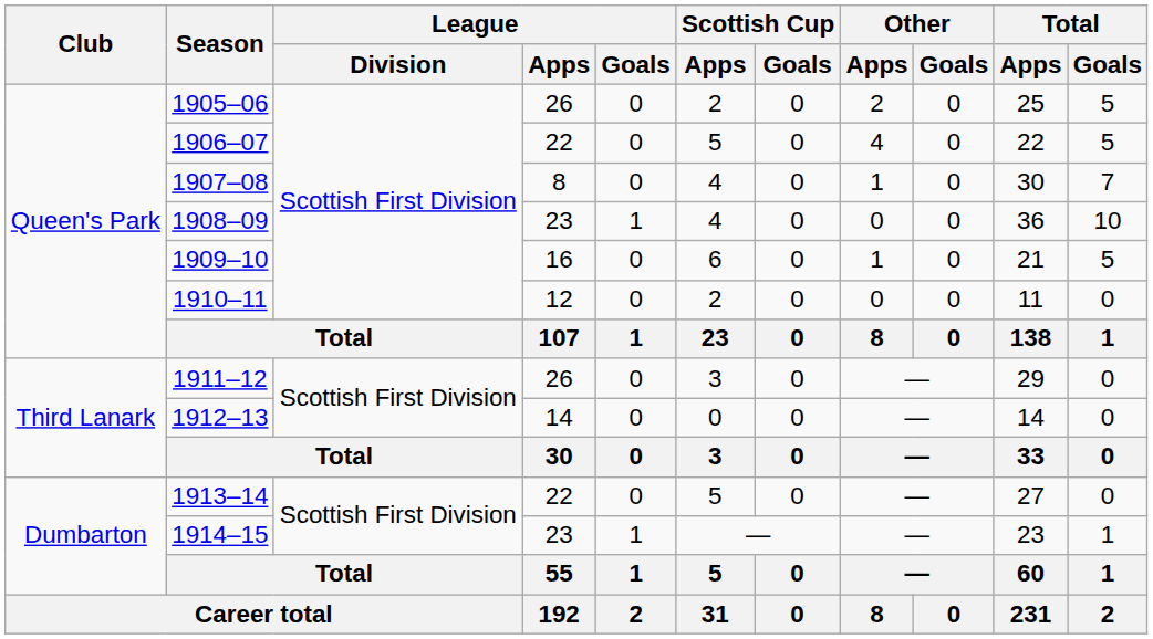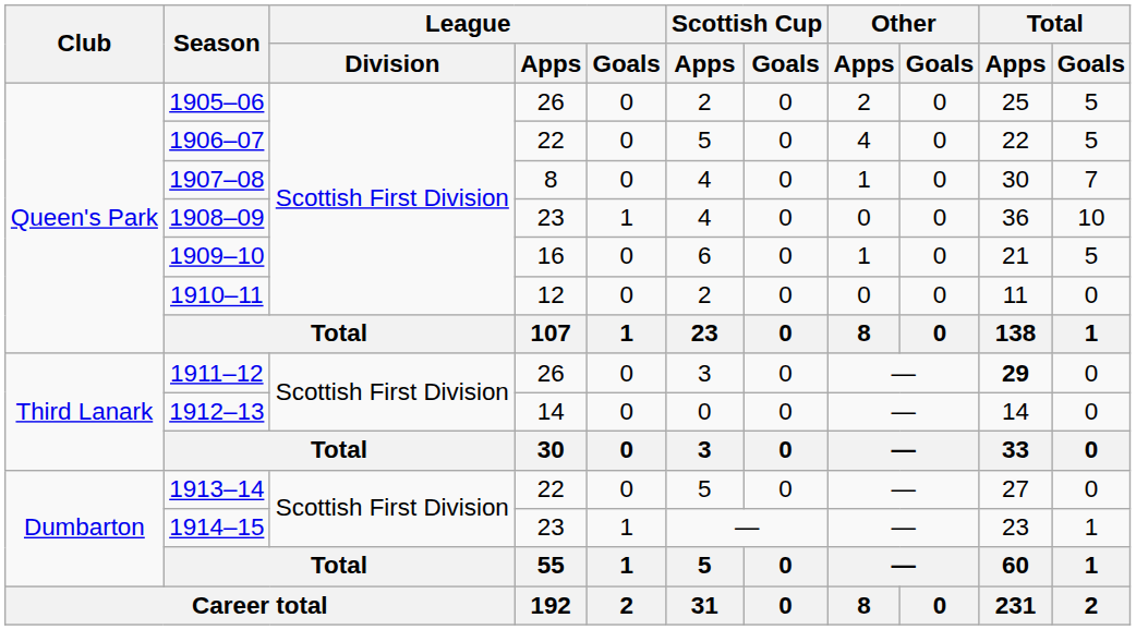 <table class="wikitable" style="text-align: center">
 <tr>
 <th rowspan="2">Club</th>
 <th rowspan="2">Season</th>
 <th colspan="3">League</th>
 <th colspan="2">Scottish Cup</th>
 <th colspan="2">Other</th>
 <th colspan="2">Total</th>
 </tr>
 <tr>
 <th>Division</th>
 <th>Apps</th>
 <th>Goals</th>
 <th>Apps</th>
 <th>Goals</th>
 <th>Apps</th>
 <th>Goals</th>
 <th>Apps</th>
 <th>Goals</th>
 </tr>
 <tr>
 <td rowspan="7"><a href='#'>Queen's Park</a></td>
 <td><a href='#'>1905–06</a></td>
 <td rowspan="6"><a href='#'>Scottish First Division</a></td>
 <td>26</td>
 <td>0</td>
 <td>2</td>
 <td>0</td>
 <td>2</td>
 <td>0</td>
 <td>25</td>
 <td>5</td>
 </tr>
 <tr>
 <td><a href='#'>1906–07</a></td>
 <td>22</td>
 <td>0</td>
 <td>5</td>
 <td>0</td>
 <td>4</td>
 <td>0</td>
 <td>22</td>
 <td>5</td>
 </tr>
 <tr>
 <td><a href='#'>1907–08</a></td>
 <td>8</td>
 <td>0</td>
 <td>4</td>
 <td>0</td>
 <td>1</td>
 <td>0</td>
 <td>30</td>
 <td>7</td>
 </tr>
 <tr>
 <td><a href='#'>1908–09</a></td>
 <td>23</td>
 <td>1</td>
 <td>4</td>
 <td>0</td>
 <td>0</td>
 <td>0</td>
 <td>36</td>
 <td>10</td>
 </tr>
 <tr>
 <td><a href='#'>1909–10</a></td>
 <td>16</td>
 <td>0</td>
 <td>6</td>
 <td>0</td>
 <td>1</td>
 <td>0</td>
 <td>21</td>
 <td>5</td>
 </tr>
 <tr>
 <td><a href='#'>1910–11</a></td>
 <td>12</td>
 <td>0</td>
 <td>2</td>
 <td>0</td>
 <td>0</td>
 <td>0</td>
 <td>11</td>
 <td>0</td>
 </tr>
 <tr>
 <th colspan="2">Total</th>
 <th>107</th>
 <th>1</th>
 <th>23</th>
 <th>0</th>
 <th>8</th>
 <th>0</th>
 <th>138</th>
 <th>1</th>
 </tr>
 <tr>
 <td rowspan="3"><a href='#'>Third Lanark</a></td>
 <td><a href='#'>1911–12</a></td>
 <td rowspan="2">Scottish First Division</td>
 <td>26</td>
 <td>0</td>
 <td>3</td>
 <td>0</td>
 <td colspan="2">—</td>
-<td>29</td>
+<td><strong>29</strong></td>
 <td>0</td>
 </tr>
 <tr>
 <td><a href='#'>1912–13</a></td>
 <td>14</td>
 <td>0</td>
 <td>0</td>
 <td>0</td>
 <td colspan="2">—</td>
 <td>14</td>
 <td>0</td>
 </tr>
 <tr>
 <th colspan="2">Total</th>
 <th>30</th>
 <th>0</th>
 <th>3</th>
 <th>0</th>
 <th colspan="2">—</th>
 <th>33</th>
 <th>0</th>
 </tr>
 <tr>
 <td rowspan="3"><a href='#'>Dumbarton</a></td>
 <td><a href='#'>1913–14</a></td>
 <td rowspan="2">Scottish First Division</td>
 <td>22</td>
 <td>0</td>
 <td>5</td>
 <td>0</td>
 <td colspan="2">—</td>
 <td>27</td>
 <td>0</td>
 </tr>
 <tr>
 <td><a href='#'>1914–15</a></td>
 <td>23</td>
 <td>1</td>
 <td colspan="2">—</td>
 <td colspan="2">—</td>
 <td>23</td>
 <td>1</td>
 </tr>
 <tr>
 <th colspan="2">Total</th>
 <th>55</th>
 <th>1</th>
 <th>5</th>
 <th>0</th>
 <th colspan="2">—</th>
 <th>60</th>
 <th>1</th>
 </tr>
 <tr>
 <th colspan="3">Career total</th>
 <th>192</th>
 <th>2</th>
 <th>31</th>
 <th>0</th>
 <th>8</th>
 <th>0</th>
 <th>231</th>
 <th>2</th>
 </tr>
 </table>
